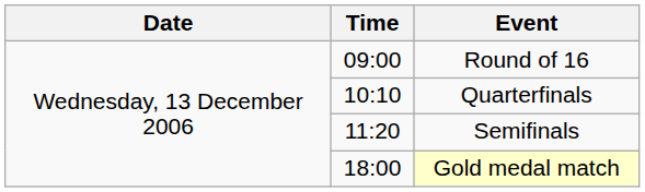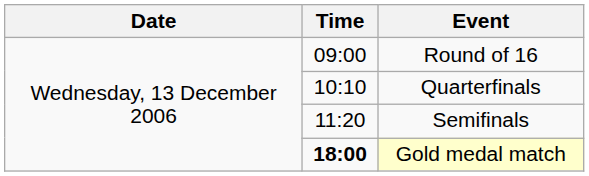 <table class = "wikitable" style="text-align:center;">
 <tr>
 <th width=220>Date</th>
 <th width=50>Time</th>
 <th width=150>Event</th>
 </tr>
 <tr>
 <td rowspan=4>Wednesday, 13 December 2006</td>
 <td>09:00</td>
 <td>Round of 16</td>
 </tr>
 <tr>
 <td>10:10</td>
 <td>Quarterfinals</td>
 </tr>
 <tr>
 <td>11:20</td>
 <td>Semifinals</td>
 </tr>
 <tr>
-<td>18:00</td>
+<td><strong>18:00</strong></td>
 <td bgcolor=ffffcc>Gold medal match</td>
 </tr>
 </table>
